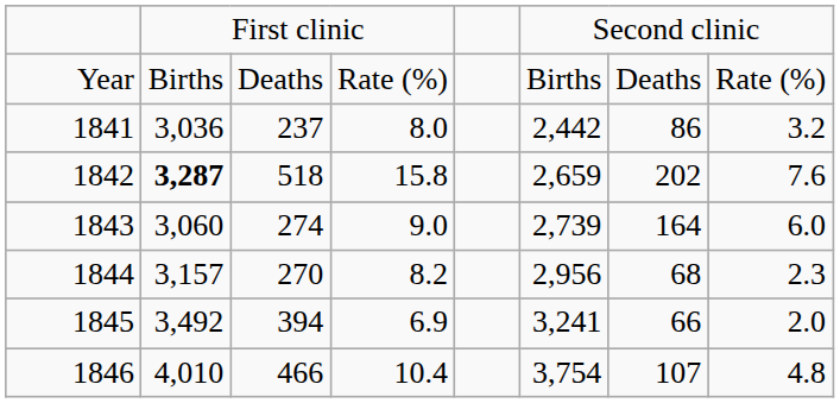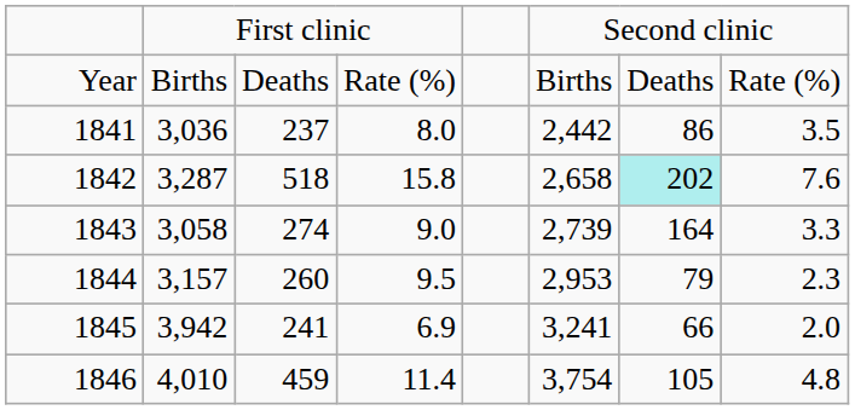 <table class="wikitable">
 <tr style="vertical-align:bottom;">
 <td style="height:13px; width:63px;"> </td>
 <td colspan="3" style="width:55px; text-align:center;">First clinic</td>
 <td style="width:26px;"> </td>
 <td colspan="3" style="width:55px; text-align:center;">Second clinic</td>
 </tr>
 <tr style="text-align:right; vertical-align:bottom;">
 <td style="height:13px;">Year</td>
 <td>Births</td>
 <td>Deaths</td>
 <td>Rate (%)</td>
 <td> </td>
 <td>Births</td>
 <td>Deaths</td>
 <td>Rate (%)</td>
 </tr>
 <tr style="text-align:right; vertical-align:bottom;">
 <td style="height:13px;">1841</td>
 <td>3,036</td>
 <td>237</td>
 <td>8.0</td>
 <td> </td>
 <td>2,442</td>
 <td>86</td>
-<td>3.2</td>
+<td>3.5</td>
 </tr>
 <tr style="text-align:right; vertical-align:bottom;">
 <td style="height:13px;">1842</td>
-<td><strong>3,287</strong></td>
+<td>3,287</td>
 <td>518</td>
 <td>15.8</td>
 <td> </td>
-<td>2,659</td>
-<td>202</td>
+<td>2,658</td>
+<td style="background: paleturquoise;">202</td>
 <td>7.6</td>
 </tr>
 <tr style="text-align:right; vertical-align:bottom;">
 <td style="height:13px;">1843</td>
-<td>3,060</td>
+<td>3,058</td>
 <td>274</td>
 <td>9.0</td>
 <td> </td>
 <td>2,739</td>
 <td>164</td>
-<td>6.0</td>
+<td>3.3</td>
 </tr>
 <tr style="text-align:right; vertical-align:bottom;">
 <td style="height:13px;">1844</td>
 <td>3,157</td>
-<td>270</td>
-<td>8.2</td>
+<td>260</td>
+<td>9.5</td>
 <td> </td>
-<td>2,956</td>
-<td>68</td>
+<td>2,953</td>
+<td>79</td>
 <td>2.3</td>
 </tr>
 <tr style="text-align:right; vertical-align:bottom;">
 <td style="height:13px;">1845</td>
-<td>3,492</td>
-<td>394</td>
+<td>3,942</td>
+<td>241</td>
 <td>6.9</td>
 <td> </td>
 <td>3,241</td>
 <td>66</td>
 <td>2.0</td>
 </tr>
 <tr style="text-align:right; vertical-align:bottom;">
 <td style="height:13px;">1846</td>
 <td>4,010</td>
-<td>466</td>
-<td>10.4</td>
+<td>459</td>
+<td>11.4</td>
 <td> </td>
 <td>3,754</td>
-<td>107</td>
+<td>105</td>
 <td>4.8</td>
 </tr>
 </table>
